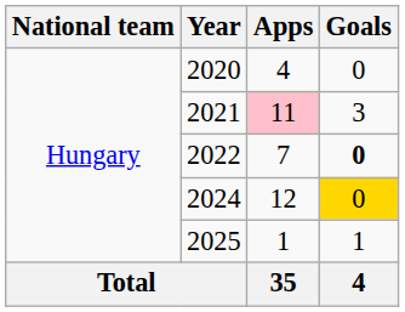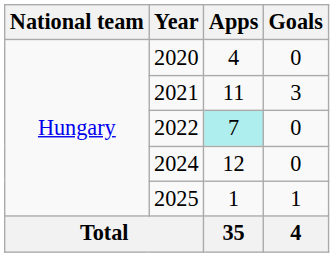 <table class="wikitable" style="text-align:center">
 <tr>
 <th>National team</th>
 <th>Year</th>
 <th>Apps</th>
 <th>Goals</th>
 </tr>
 <tr>
 <td rowspan="5"><a href='#'>Hungary</a></td>
 <td>2020</td>
 <td>4</td>
 <td>0</td>
 </tr>
 <tr>
 <td>2021</td>
-<td style="background: pink;">11</td>
+<td>11</td>
 <td>3</td>
 </tr>
 <tr>
 <td>2022</td>
-<td>7</td>
-<td><strong>0</strong></td>
+<td style="background: paleturquoise;">7</td>
+<td>0</td>
 </tr>
 <tr>
 <td>2024</td>
 <td>12</td>
-<td style="background: gold;">0</td>
+<td>0</td>
 </tr>
 <tr>
 <td>2025</td>
 <td>1</td>
 <td>1</td>
 </tr>
 <tr>
 <th colspan="2">Total</th>
 <th>35</th>
 <th>4</th>
 </tr>
 </table>
